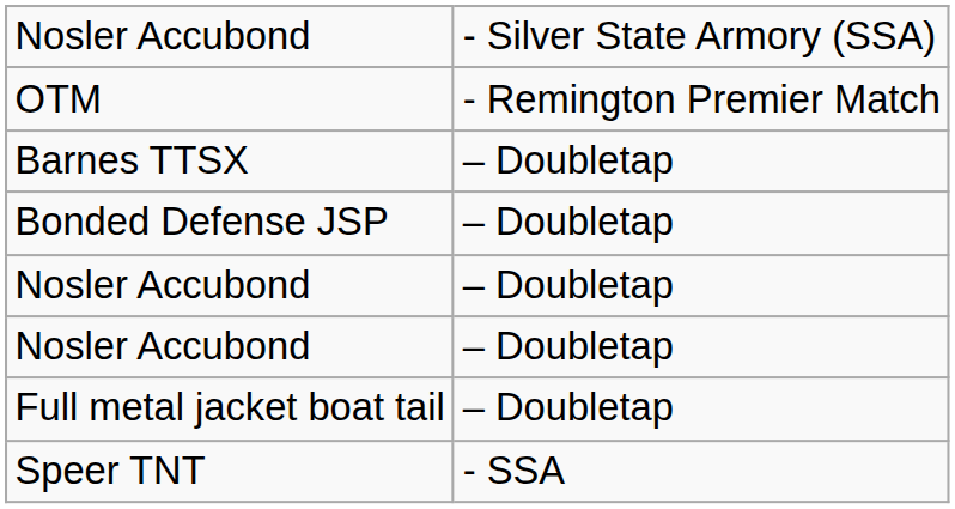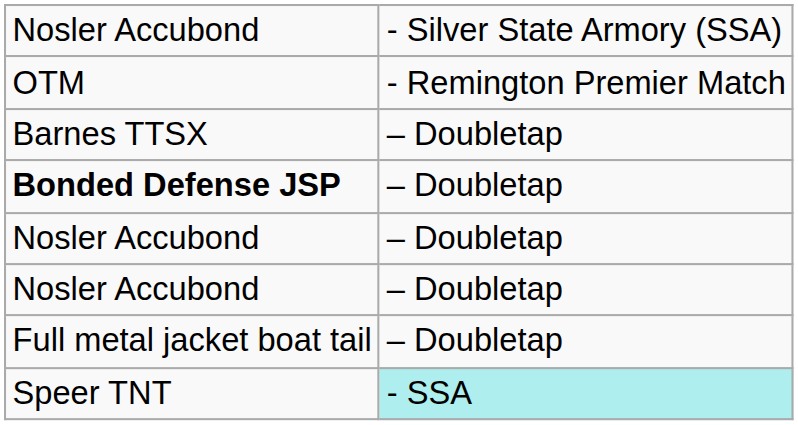 <table class="wikitable sortable">
 <tr>
 <td>   Nosler Accubond</td>
 <td>- Silver State Armory (SSA)</td>
 </tr>
 <tr>
 <td> OTM</td>
 <td>- Remington Premier Match</td>
 </tr>
 <tr>
 <td>    Barnes TTSX</td>
 <td> –  Doubletap</td>
 </tr>
 <tr>
-<td>    Bonded Defense JSP</td>
+<td><strong>    Bonded Defense JSP</strong></td>
 <td> –  Doubletap</td>
 </tr>
 <tr>
 <td>   Nosler Accubond</td>
 <td> –  Doubletap</td>
 </tr>
 <tr>
 <td>   Nosler Accubond</td>
 <td> –  Doubletap</td>
 </tr>
 <tr>
 <td>   Full metal jacket boat tail</td>
 <td> –  Doubletap</td>
 </tr>
 <tr>
 <td>    Speer TNT</td>
-<td>- SSA</td>
+<td style="background: paleturquoise;">- SSA</td>
 </tr>
 </table>
